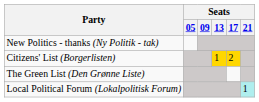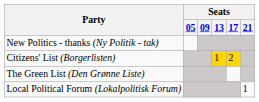 <table class="wikitable">
 <tr>
 <th rowspan=2>Party</th>
 <th colspan=11>Seats</th>
 </tr>
 <tr>
 <th><a href='#'>05</a></th>
 <th><a href='#'>09</a></th>
 <th><a href='#'>13</a></th>
 <th><a href='#'>17</a></th>
 <th><a href='#'>21</a></th>
 </tr>
 <tr>
 <td>New Politics - thanks <em>(Ny Politik - tak)</em></td>
 <td></td>
 <td style="background:#CDC9C9;" colspan=4></td>
 </tr>
 <tr>
 <td>Citizens' List <em>(Borgerlisten)</em></td>
 <td style="background:#CDC9C9;" colspan=2></td>
 <td style="background: gold;">1</td>
 <td style="background: gold;">2</td>
 <td style="background:#CDC9C9;"></td>
 </tr>
 <tr>
 <td>The Green List <em>(Den Grønne Liste)</em></td>
 <td style="background:#CDC9C9;" colspan=3></td>
 <td></td>
 <td style="background:#CDC9C9;"></td>
 </tr>
 <tr>
 <td>Local Political Forum <em>(Lokalpolitisk Forum)</em></td>
 <td style="background:#CDC9C9;" colspan=4></td>
-<td style="background: paleturquoise;">1</td>
+<td>1</td>
 </tr>
 </table>
